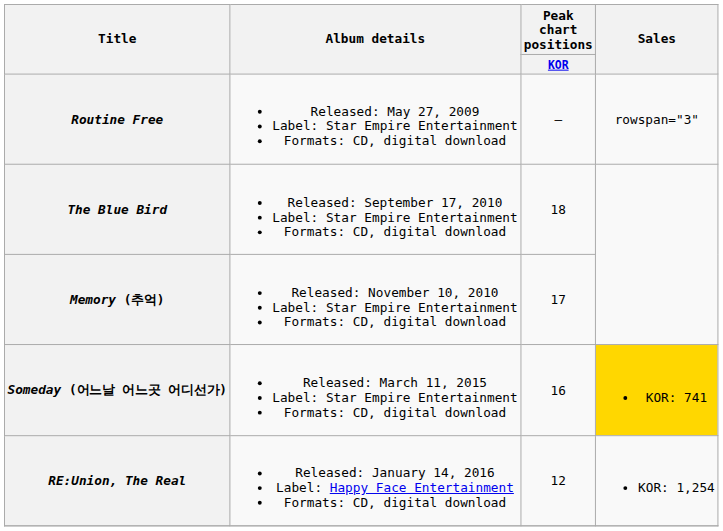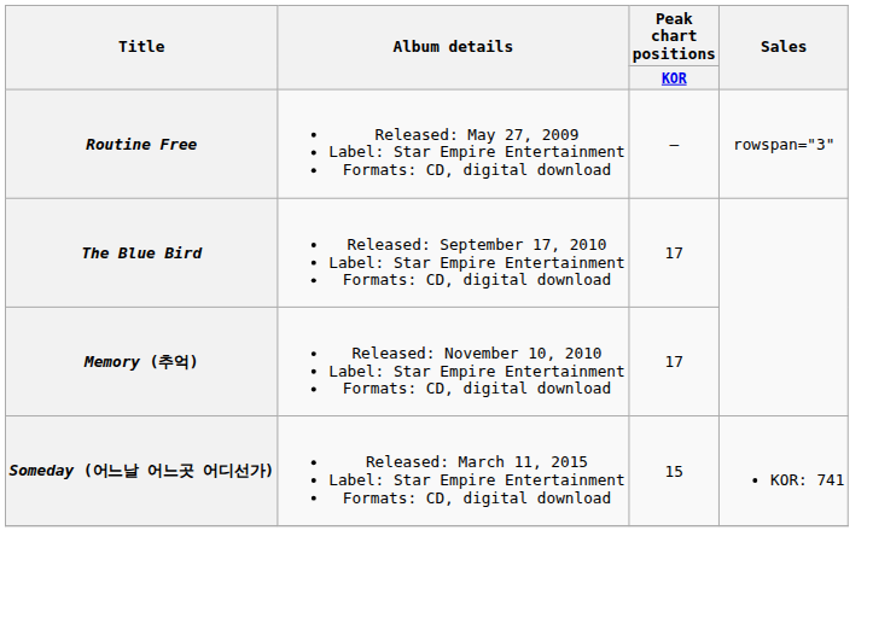 <table class="wikitable plainrowheaders" style="text-align:center;">
 <tr>
 <th scope="col" rowspan="2">Title</th>
 <th scope="col" rowspan="2">Album details</th>
 <th scope="col" colspan="1">Peak chart positions</th>
 <th scope="col" rowspan="2">Sales</th>
 </tr>
 <tr>
 <th scope="col" style="width:3.5em;font-size:90%;"><a href='#'>KOR</a><br></th>
 </tr>
 <tr>
 <th scope="row"><em>Routine Free</em></th>
 <td><br><ul><li>Released: May 27, 2009</li><li>Label: Star Empire Entertainment</li><li>Formats: CD, digital download</li></ul></td>
 <td>—</td>
 <td>rowspan="3" </td>
 </tr>
 <tr>
 <th scope="row"><em>The Blue Bird</em></th>
 <td><br><ul><li>Released: September 17, 2010</li><li>Label: Star Empire Entertainment</li><li>Formats: CD, digital download</li></ul></td>
-<td>18</td>
+<td>17</td>
 </tr>
 <tr>
 <th scope="row"><em>Memory</em> (추억)</th>
 <td><br><ul><li>Released: November 10, 2010</li><li>Label: Star Empire Entertainment</li><li>Formats: CD, digital download</li></ul></td>
 <td>17</td>
 </tr>
 <tr>
 <th scope="row"><em>Someday</em> (어느날 어느곳 어디선가)</th>
 <td><br><ul><li>Released: March 11, 2015</li><li>Label: Star Empire Entertainment</li><li>Formats: CD, digital download</li></ul></td>
-<td>16</td>
-<td style="background: gold;"><br><ul><li>KOR: 741</li></ul></td>
-</tr>
-<tr>
-<th scope="row"><em>RE:Union, The Real</em></th>
-<td><br><ul><li>Released: January 14, 2016</li><li>Label: <a href='#'>Happy Face Entertainment</a></li><li>Formats: CD, digital download</li></ul></td>
-<td>12</td>
-<td><br><ul><li>KOR: 1,254</li></ul></td>
+<td>15</td>
+<td><br><ul><li>KOR: 741</li></ul></td>
 </tr>
 <tr>
 </tr>
 </table>
